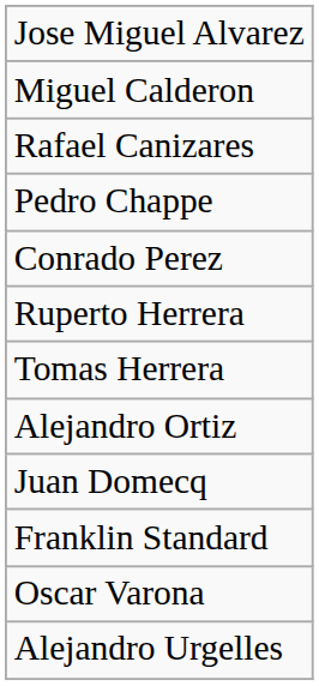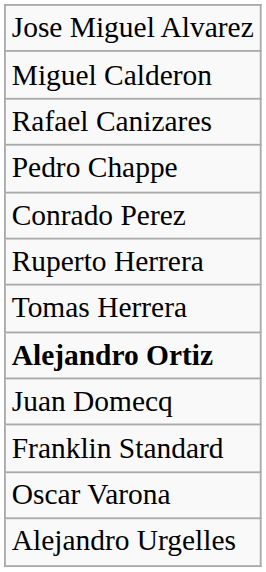 <table class="wikitable">
 <tr>
 <td>Jose Miguel Alvarez</td>
 </tr>
 <tr>
 <td>Miguel Calderon</td>
 </tr>
 <tr>
 <td>Rafael Canizares</td>
 </tr>
 <tr>
 <td>Pedro Chappe</td>
 </tr>
 <tr>
 <td>Conrado Perez</td>
 </tr>
 <tr>
 <td>Ruperto Herrera</td>
 </tr>
 <tr>
 <td>Tomas Herrera</td>
 </tr>
 <tr>
-<td>Alejandro Ortiz</td>
+<td><strong>Alejandro Ortiz</strong></td>
 </tr>
 <tr>
 <td>Juan Domecq</td>
 </tr>
 <tr>
 <td>Franklin Standard</td>
 </tr>
 <tr>
 <td>Oscar Varona</td>
 </tr>
 <tr>
 <td>Alejandro Urgelles</td>
 </tr>
 </table>
